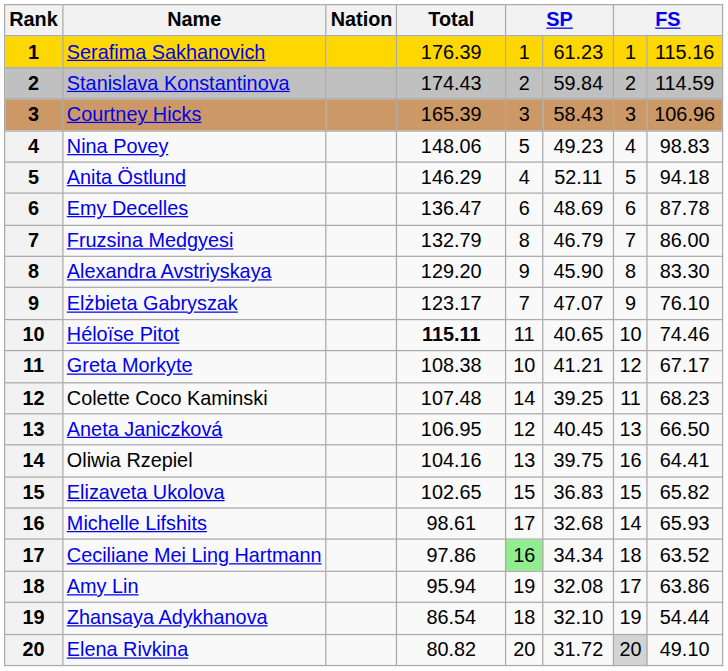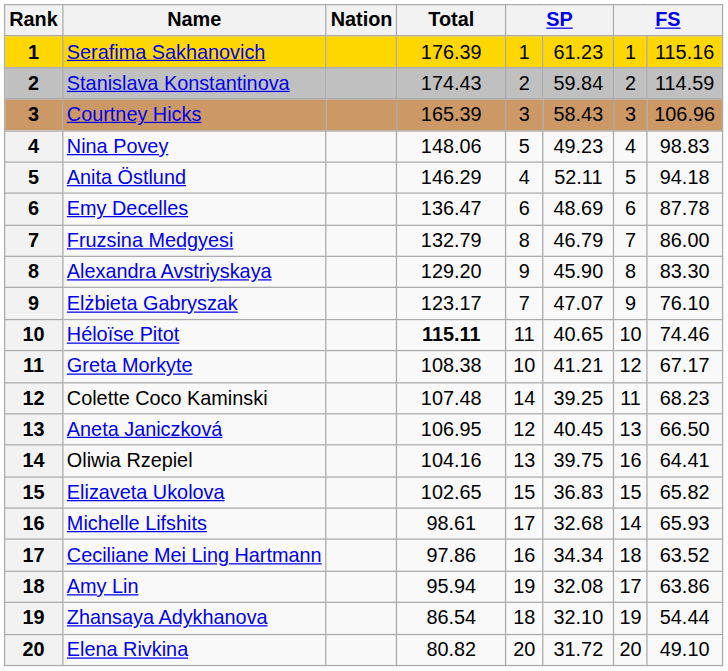 <table class="wikitable sortable">
 <tr>
 <th>Rank</th>
 <th>Name</th>
 <th>Nation</th>
 <th width="80px">Total</th>
 <th colspan="2" width="80px"><a href='#'>SP</a></th>
 <th colspan="2" width="80px"><a href='#'>FS</a></th>
 </tr>
 <tr bgcolor="gold">
 <td align="center"><strong>1</strong></td>
 <td><a href='#'>Serafima Sakhanovich</a></td>
 <td></td>
 <td align="center">176.39</td>
 <td align="center">1</td>
 <td align="center">61.23</td>
 <td align="center">1</td>
 <td align="center">115.16</td>
 </tr>
 <tr bgcolor="silver">
 <td align="center"><strong>2</strong></td>
 <td><a href='#'>Stanislava Konstantinova</a></td>
 <td></td>
 <td align="center">174.43</td>
 <td align="center">2</td>
 <td align="center">59.84</td>
 <td align="center">2</td>
 <td align="center">114.59</td>
 </tr>
 <tr bgcolor="cc9966">
 <td align="center"><strong>3</strong></td>
 <td><a href='#'>Courtney Hicks</a></td>
 <td></td>
 <td align="center">165.39</td>
 <td align="center">3</td>
 <td align="center">58.43</td>
 <td align="center">3</td>
 <td align="center">106.96</td>
 </tr>
 <tr>
 <th>4</th>
 <td><a href='#'>Nina Povey</a></td>
 <td></td>
 <td align="center">148.06</td>
 <td align="center">5</td>
 <td align="center">49.23</td>
 <td align="center">4</td>
 <td align="center">98.83</td>
 </tr>
 <tr>
 <th>5</th>
 <td><a href='#'>Anita Östlund</a></td>
 <td></td>
 <td align="center">146.29</td>
 <td align="center">4</td>
 <td align="center">52.11</td>
 <td align="center">5</td>
 <td align="center">94.18</td>
 </tr>
 <tr>
 <th>6</th>
 <td><a href='#'>Emy Decelles</a></td>
 <td></td>
 <td align="center">136.47</td>
 <td align="center">6</td>
 <td align="center">48.69</td>
 <td align="center">6</td>
 <td align="center">87.78</td>
 </tr>
 <tr>
 <th>7</th>
 <td><a href='#'>Fruzsina Medgyesi</a></td>
 <td></td>
 <td align="center">132.79</td>
 <td align="center">8</td>
 <td align="center">46.79</td>
 <td align="center">7</td>
 <td align="center">86.00</td>
 </tr>
 <tr>
 <th>8</th>
 <td><a href='#'>Alexandra Avstriyskaya</a></td>
 <td></td>
 <td align="center">129.20</td>
 <td align="center">9</td>
 <td align="center">45.90</td>
 <td align="center">8</td>
 <td align="center">83.30</td>
 </tr>
 <tr>
 <th>9</th>
 <td><a href='#'>Elżbieta Gabryszak</a></td>
 <td></td>
 <td align="center">123.17</td>
 <td align="center">7</td>
 <td align="center">47.07</td>
 <td align="center">9</td>
 <td align="center">76.10</td>
 </tr>
 <tr>
 <th>10</th>
 <td><a href='#'>Héloïse Pitot</a></td>
 <td></td>
 <td align="center"><strong>115.11</strong></td>
 <td align="center">11</td>
 <td align="center">40.65</td>
 <td align="center">10</td>
 <td align="center">74.46</td>
 </tr>
 <tr>
 <th>11</th>
 <td><a href='#'>Greta Morkyte</a></td>
 <td></td>
 <td align="center">108.38</td>
 <td align="center">10</td>
 <td align="center">41.21</td>
 <td align="center">12</td>
 <td align="center">67.17</td>
 </tr>
 <tr>
 <th>12</th>
 <td>Colette Coco Kaminski</td>
 <td></td>
 <td align="center">107.48</td>
 <td align="center">14</td>
 <td align="center">39.25</td>
 <td align="center">11</td>
 <td align="center">68.23</td>
 </tr>
 <tr>
 <th>13</th>
 <td><a href='#'>Aneta Janiczková</a></td>
 <td></td>
 <td align="center">106.95</td>
 <td align="center">12</td>
 <td align="center">40.45</td>
 <td align="center">13</td>
 <td align="center">66.50</td>
 </tr>
 <tr>
 <th>14</th>
 <td>Oliwia Rzepiel</td>
 <td></td>
 <td align="center">104.16</td>
 <td align="center">13</td>
 <td align="center">39.75</td>
 <td align="center">16</td>
 <td align="center">64.41</td>
 </tr>
 <tr>
 <th>15</th>
 <td><a href='#'>Elizaveta Ukolova</a></td>
 <td></td>
 <td align="center">102.65</td>
 <td align="center">15</td>
 <td align="center">36.83</td>
 <td align="center">15</td>
 <td align="center">65.82</td>
 </tr>
 <tr>
 <th>16</th>
 <td><a href='#'>Michelle Lifshits</a></td>
 <td></td>
 <td align="center">98.61</td>
 <td align="center">17</td>
 <td align="center">32.68</td>
 <td align="center">14</td>
 <td align="center">65.93</td>
 </tr>
 <tr>
 <th>17</th>
 <td><a href='#'>Ceciliane Mei Ling Hartmann</a></td>
 <td></td>
 <td align="center">97.86</td>
-<td align="center" style="background: lightgreen;">16</td>
+<td align="center">16</td>
 <td align="center">34.34</td>
 <td align="center">18</td>
 <td align="center">63.52</td>
 </tr>
 <tr>
 <th>18</th>
 <td><a href='#'>Amy Lin</a></td>
 <td></td>
 <td align="center">95.94</td>
 <td align="center">19</td>
 <td align="center">32.08</td>
 <td align="center">17</td>
 <td align="center">63.86</td>
 </tr>
 <tr>
 <th>19</th>
 <td><a href='#'>Zhansaya Adykhanova</a></td>
 <td></td>
 <td align="center">86.54</td>
 <td align="center">18</td>
 <td align="center">32.10</td>
 <td align="center">19</td>
 <td align="center">54.44</td>
 </tr>
 <tr>
 <th>20</th>
 <td><a href='#'>Elena Rivkina</a></td>
 <td></td>
 <td align="center">80.82</td>
 <td align="center">20</td>
 <td align="center">31.72</td>
-<td align="center" style="background: lightgrey;">20</td>
+<td align="center">20</td>
 <td align="center">49.10</td>
 </tr>
 </table>
